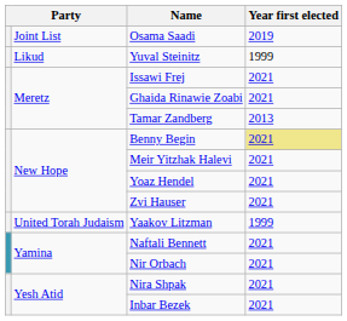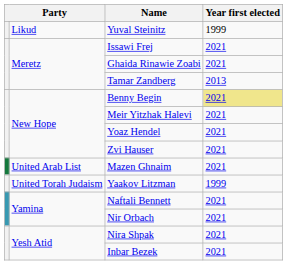 <table class="wikitable sortable" style="font-size: 95%;">
 <tr>
 <th colspan="2">Party</th>
 <th>Name</th>
 <th>Year first elected</th>
-</tr>
-<tr>
-<th rowspan="1" style="background-color: "></th>
-<td><a href='#'>Joint List</a></td>
-<td><a href='#'>Osama Saadi</a></td>
-<td><a href='#'>2019</a></td>
 </tr>
 <tr>
 <th rowspan="1" style="background-color: "></th>
 <td><a href='#'>Likud</a></td>
 <td><a href='#'>Yuval Steinitz</a></td>
 <td>1999</td>
 </tr>
 <tr>
 <th rowspan="3" style="background-color: "></th>
 <td rowspan="3"><a href='#'>Meretz</a></td>
 <td><a href='#'>Issawi Frej</a></td>
 <td><a href='#'>2021</a></td>
 </tr>
 <tr>
 <td><a href='#'>Ghaida Rinawie Zoabi</a></td>
 <td><a href='#'>2021</a></td>
 </tr>
 <tr>
 <td><a href='#'>Tamar Zandberg</a></td>
 <td><a href='#'>2013</a></td>
 </tr>
 <tr>
 <th rowspan="4" style="background-color: "></th>
 <td rowspan="4"><a href='#'>New Hope</a></td>
 <td><a href='#'>Benny Begin</a></td>
 <td style="background: khaki;"><a href='#'>2021</a></td>
 </tr>
 <tr>
 <td><a href='#'>Meir Yitzhak Halevi</a></td>
 <td><a href='#'>2021</a></td>
 </tr>
 <tr>
 <td><a href='#'>Yoaz Hendel</a></td>
 <td><a href='#'>2021</a></td>
 </tr>
 <tr>
 <td><a href='#'>Zvi Hauser</a></td>
 <td><a href='#'>2021</a></td>
 </tr>
 <tr>
+<th style="background:#15793d;"></th>
+<td><a href='#'>United Arab List</a></td>
+<td><a href='#'>Mazen Ghnaim</a></td>
+<td><a href='#'>2021</a></td>
+</tr>
+<tr>
 <th rowspan="1" style="background-color: "></th>
 <td><a href='#'>United Torah Judaism</a></td>
 <td><a href='#'>Yaakov Litzman</a></td>
 <td><a href='#'>1999</a></td>
 </tr>
 <tr>
 <th rowspan="2" style="background:#3799b2;"></th>
 <td rowspan="2"><a href='#'>Yamina</a></td>
 <td><a href='#'>Naftali Bennett</a></td>
 <td><a href='#'>2021</a></td>
 </tr>
 <tr>
 <td><a href='#'>Nir Orbach</a></td>
 <td><a href='#'>2021</a></td>
 </tr>
 <tr>
 <th rowspan="2" style="background-color: "></th>
 <td rowspan="2"><a href='#'>Yesh Atid</a></td>
 <td><a href='#'>Nira Shpak</a></td>
 <td><a href='#'>2021</a></td>
 </tr>
 <tr>
 <td><a href='#'>Inbar Bezek</a></td>
 <td><a href='#'>2021</a></td>
 </tr>
 </table>
